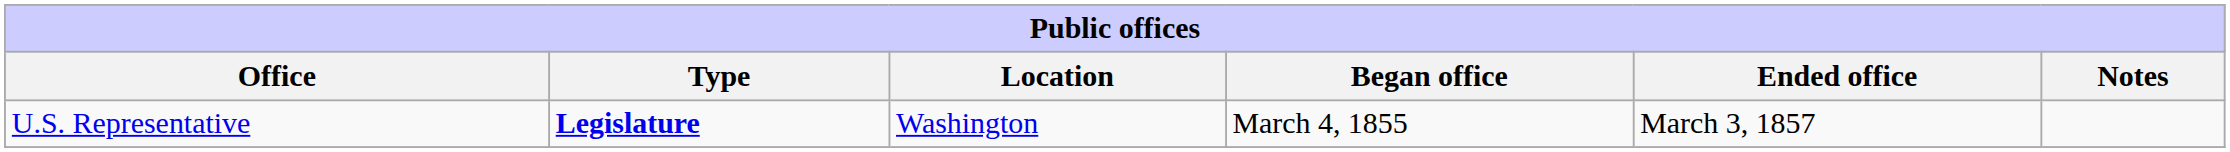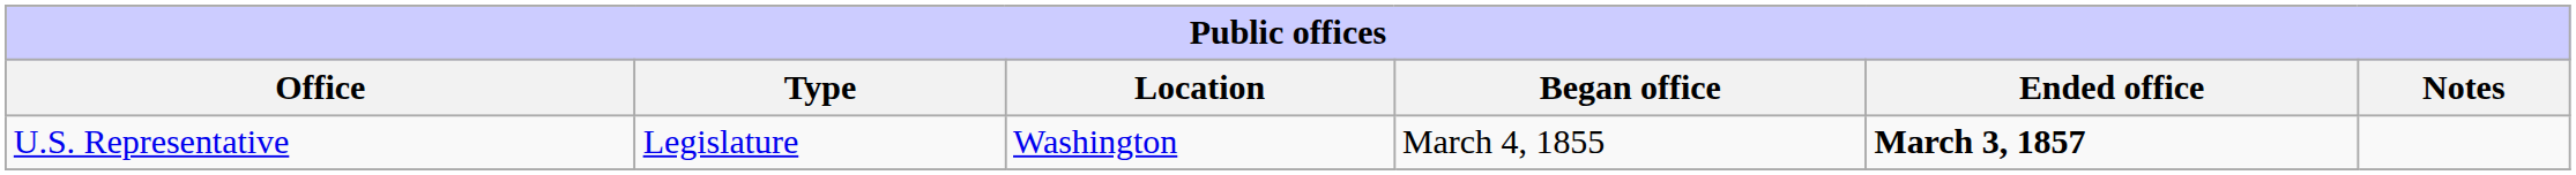 <table class=wikitable style="width: 94%" style="text-align: center;" align="center">
 <tr bgcolor=#cccccc>
 <th colspan=7 style="background: #ccccff;">Public offices</th>
 </tr>
 <tr>
 <th><strong>Office</strong></th>
 <th><strong>Type</strong></th>
 <th><strong>Location</strong></th>
 <th><strong>Began office</strong></th>
 <th><strong>Ended office</strong></th>
 <th><strong>Notes</strong></th>
 </tr>
 <tr>
 <td><a href='#'>U.S. Representative</a></td>
-<td><strong><a href='#'>Legislature</a></strong></td>
+<td><a href='#'>Legislature</a></td>
 <td><a href='#'>Washington</a></td>
 <td>March 4, 1855</td>
-<td>March 3, 1857</td>
+<td><strong>March 3, 1857</strong></td>
 <td></td>
 </tr>
 </table>
